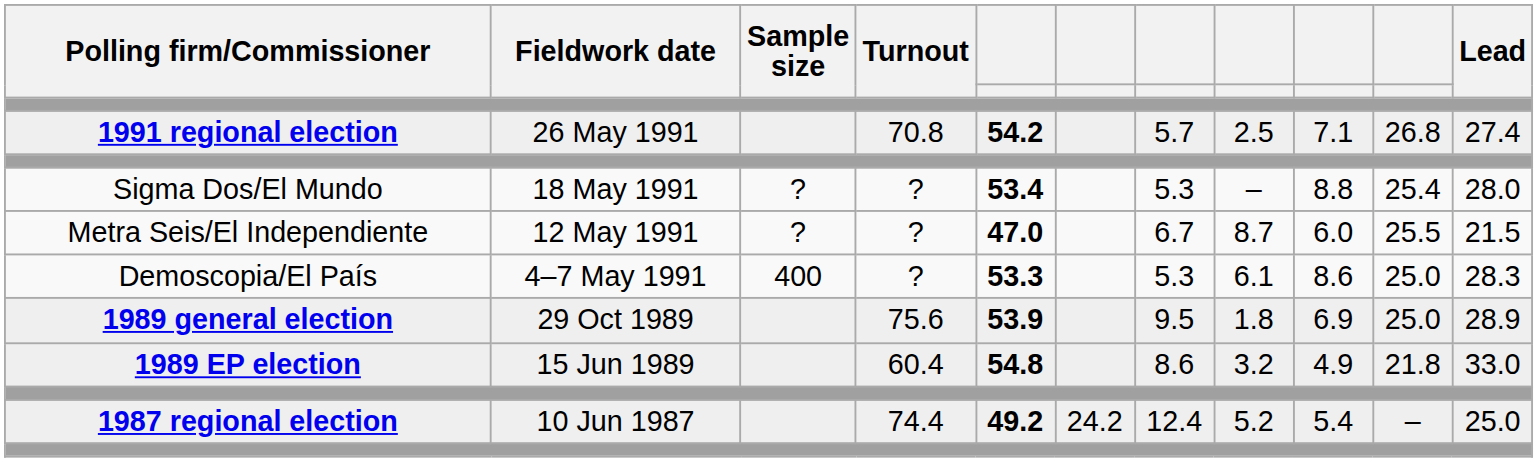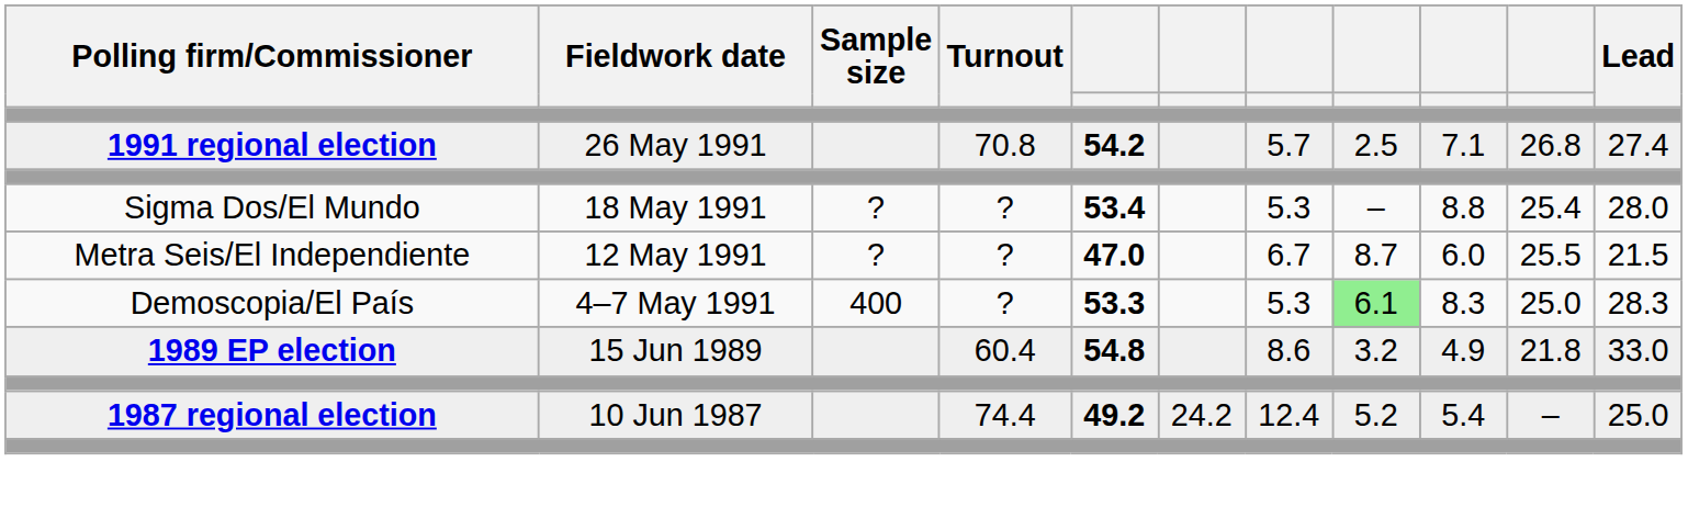 <table class="wikitable collapsible collapsed" style="text-align:center; font-size:95%; line-height:16px;">
 <tr style="height:42px;">
 <th style="width:250px;" rowspan="2">Polling firm/Commissioner</th>
 <th style="width:125px;" rowspan="2">Fieldwork date</th>
 <th style="width:50px;" rowspan="2">Sample size</th>
 <th style="width:45px;" rowspan="2">Turnout</th>
 <th style="width:35px;"></th>
 <th style="width:35px;"></th>
 <th style="width:35px;"></th>
 <th style="width:35px;"></th>
 <th style="width:35px;"></th>
 <th style="width:35px;"></th>
 <th style="width:30px;" rowspan="2">Lead</th>
 </tr>
 <tr>
 <th style="color:inherit;background:"></th>
 <th style="color:inherit;background:"></th>
 <th style="color:inherit;background:"></th>
 <th style="color:inherit;background:"></th>
 <th style="color:inherit;background:"></th>
 <th style="color:inherit;background:"></th>
 </tr>
 <tr>
 <td colspan="11" style="background:#A0A0A0"></td>
 </tr>
 <tr style="background:#EFEFEF;">
 <td><strong><a href='#'>1991 regional election</a></strong></td>
 <td>26 May 1991</td>
 <td></td>
 <td>70.8</td>
 <td><strong>54.2</strong><br></td>
 <td></td>
 <td>5.7<br></td>
 <td>2.5<br></td>
 <td>7.1<br></td>
 <td>26.8<br></td>
 <td style="background:">27.4</td>
 </tr>
 <tr>
 <td colspan="11" style="background:#A0A0A0"></td>
 </tr>
 <tr>
 <td>Sigma Dos/El Mundo</td>
 <td>18 May 1991</td>
 <td>?</td>
 <td>?</td>
 <td><strong>53.4</strong><br></td>
 <td></td>
 <td>5.3<br></td>
 <td>–</td>
 <td>8.8<br></td>
 <td>25.4<br></td>
 <td style="background:">28.0</td>
 </tr>
 <tr>
 <td>Metra Seis/El Independiente</td>
 <td>12 May 1991</td>
 <td>?</td>
 <td>?</td>
 <td><strong>47.0</strong><br></td>
 <td></td>
 <td>6.7<br></td>
 <td>8.7<br></td>
 <td>6.0<br></td>
 <td>25.5<br></td>
 <td style="background:">21.5</td>
 </tr>
 <tr>
 <td>Demoscopia/El País</td>
 <td>4–7 May 1991</td>
 <td>400</td>
 <td>?</td>
 <td><strong>53.3</strong><br></td>
 <td></td>
 <td>5.3<br></td>
-<td>6.1<br></td>
-<td>8.6<br></td>
+<td style="background: lightgreen;">6.1<br></td>
+<td>8.3<br></td>
 <td>25.0<br></td>
 <td style="background:">28.3</td>
-</tr>
-<tr style="background:#EFEFEF;">
-<td><strong><a href='#'>1989 general election</a></strong></td>
-<td>29 Oct 1989</td>
-<td></td>
-<td>75.6</td>
-<td><strong>53.9</strong><br></td>
-<td></td>
-<td>9.5<br></td>
-<td>1.8<br></td>
-<td>6.9<br></td>
-<td>25.0<br></td>
-<td style="background:">28.9</td>
 </tr>
 <tr style="background:#EFEFEF;">
 <td><strong><a href='#'>1989 EP election</a></strong></td>
 <td>15 Jun 1989</td>
 <td></td>
 <td>60.4</td>
 <td><strong>54.8</strong><br></td>
 <td></td>
 <td>8.6<br></td>
 <td>3.2<br></td>
 <td>4.9<br></td>
 <td>21.8<br></td>
 <td style="background:">33.0</td>
 </tr>
 <tr>
 <td colspan="11" style="background:#A0A0A0"></td>
 </tr>
 <tr style="background:#EFEFEF;">
 <td><strong><a href='#'>1987 regional election</a></strong></td>
 <td>10 Jun 1987</td>
 <td></td>
 <td>74.4</td>
 <td><strong>49.2</strong><br></td>
 <td>24.2<br></td>
 <td>12.4<br></td>
 <td>5.2<br></td>
 <td>5.4<br></td>
 <td>–</td>
 <td style="background:">25.0</td>
 </tr>
 <tr>
 <td colspan="11" style="background:#A0A0A0"></td>
 </tr>
 </table>
